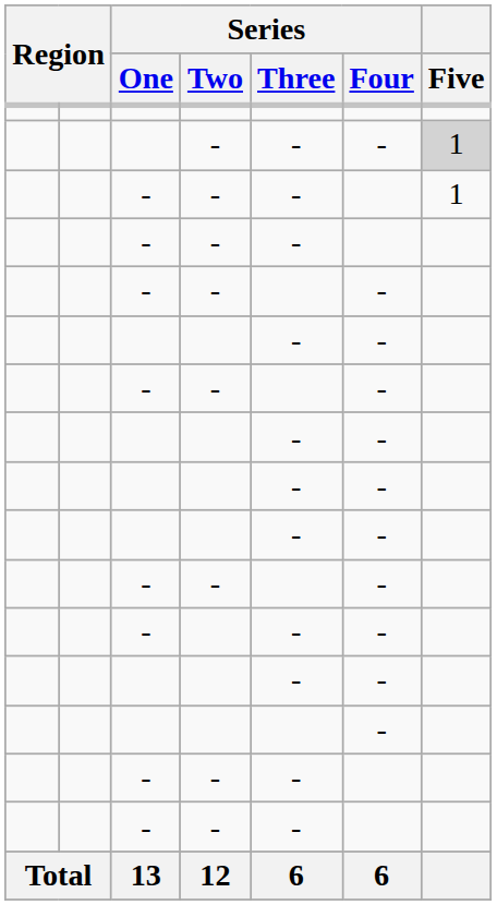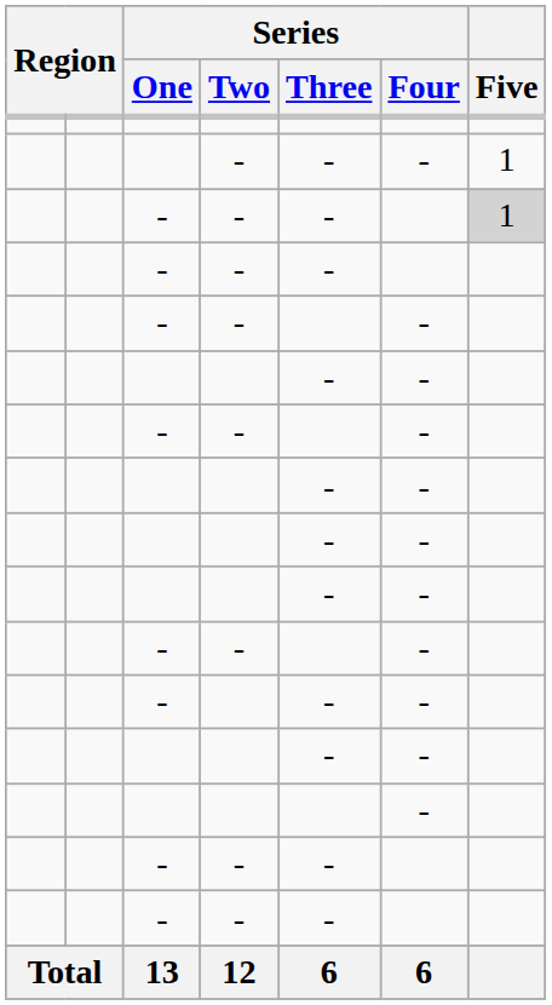 <table class="wikitable" style="text-align: center;">
 <tr>
 <th colspan="2" rowspan="2">Region</th>
 <th colspan="4">Series</th>
 <th></th>
 </tr>
 <tr>
 <th><a href='#'>One</a></th>
 <th><a href='#'>Two</a></th>
 <th><a href='#'>Three</a></th>
 <th><a href='#'>Four</a></th>
 <th>Five</th>
 </tr>
 <tr style="border-top:3px solid #aaaa;">
 <td></td>
 <td></td>
 <td></td>
 <td></td>
 <td></td>
 <td></td>
 <td></td>
 </tr>
 <tr>
 <td></td>
 <td></td>
 <td></td>
 <td>-</td>
 <td>-</td>
 <td>-</td>
-<td style="background: lightgrey;">1</td>
+<td>1</td>
 </tr>
 <tr>
 <td></td>
 <td></td>
 <td>-</td>
 <td>-</td>
 <td>-</td>
 <td></td>
-<td>1</td>
+<td style="background: lightgrey;">1</td>
 </tr>
 <tr>
 <td></td>
 <td></td>
 <td>-</td>
 <td>-</td>
 <td>-</td>
 <td></td>
 <td></td>
 </tr>
 <tr>
 <td></td>
 <td></td>
 <td>-</td>
 <td>-</td>
 <td></td>
 <td>-</td>
 <td></td>
 </tr>
 <tr>
 <td></td>
 <td></td>
 <td></td>
 <td></td>
 <td>-</td>
 <td>-</td>
 <td></td>
 </tr>
 <tr>
 <td></td>
 <td></td>
 <td>-</td>
 <td>-</td>
 <td></td>
 <td>-</td>
 <td></td>
 </tr>
 <tr>
 <td></td>
 <td></td>
 <td></td>
 <td></td>
 <td>-</td>
 <td>-</td>
 <td></td>
 </tr>
 <tr>
 <td></td>
 <td></td>
 <td></td>
 <td></td>
 <td>-</td>
 <td>-</td>
 <td></td>
 </tr>
 <tr>
 <td></td>
 <td></td>
 <td></td>
 <td></td>
 <td>-</td>
 <td>-</td>
 <td></td>
 </tr>
 <tr>
 <td></td>
 <td></td>
 <td>-</td>
 <td>-</td>
 <td></td>
 <td>-</td>
 <td></td>
 </tr>
 <tr>
 <td></td>
 <td></td>
 <td>-</td>
 <td></td>
 <td>-</td>
 <td>-</td>
 <td></td>
 </tr>
 <tr>
 <td></td>
 <td></td>
 <td></td>
 <td></td>
 <td>-</td>
 <td>-</td>
 <td></td>
 </tr>
 <tr>
 <td></td>
 <td></td>
 <td></td>
 <td></td>
 <td></td>
 <td>-</td>
 <td></td>
 </tr>
 <tr>
 <td></td>
 <td></td>
 <td>-</td>
 <td>-</td>
 <td>-</td>
 <td></td>
 <td></td>
 </tr>
 <tr>
 <td></td>
 <td></td>
 <td>-</td>
 <td>-</td>
 <td>-</td>
 <td></td>
 <td></td>
 </tr>
 <tr>
 <th colspan="2"><strong>Total</strong></th>
 <th>13</th>
 <th>12</th>
 <th>6</th>
 <th>6</th>
 <th></th>
 </tr>
 </table>
